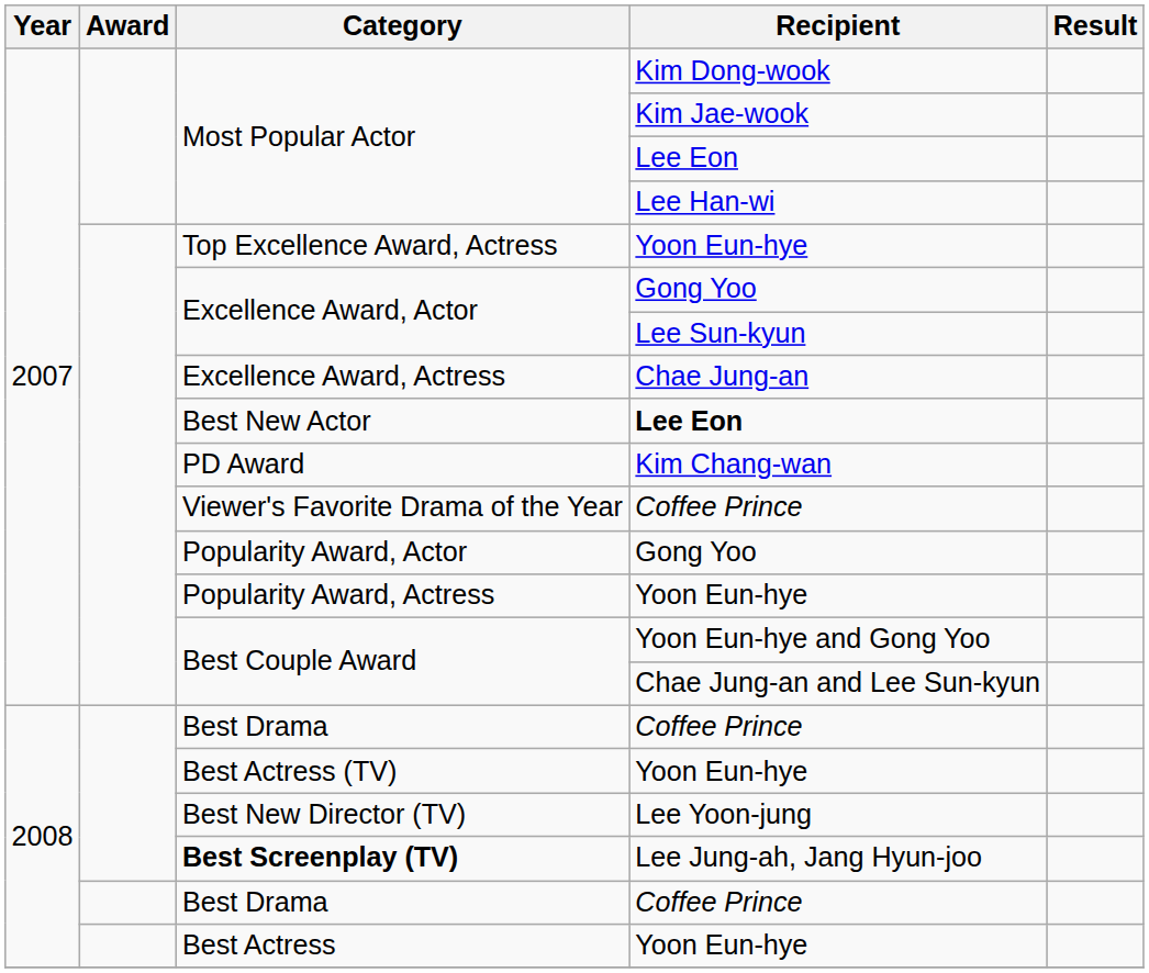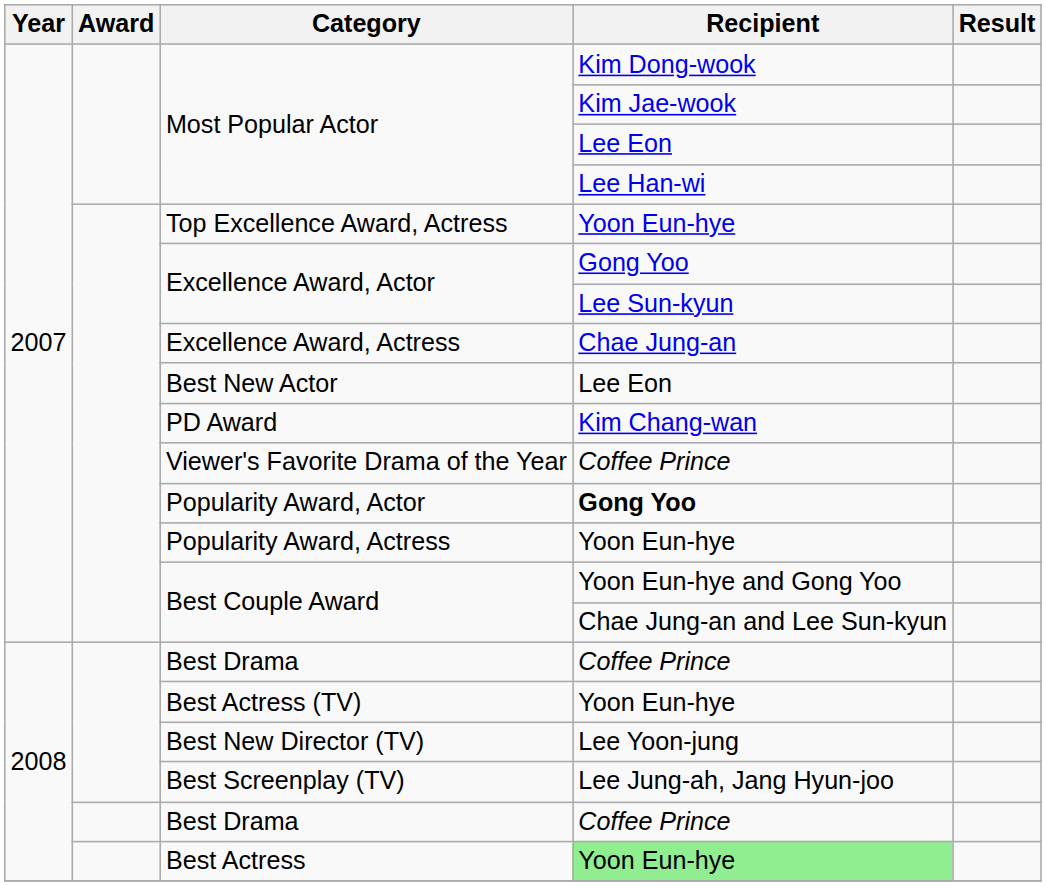 <table class="wikitable">
 <tr>
 <th>Year</th>
 <th>Award</th>
 <th>Category</th>
 <th>Recipient</th>
 <th>Result</th>
 </tr>
 <tr>
 <td rowspan=15>2007</td>
 <td rowspan=4></td>
 <td rowspan=4>Most Popular Actor</td>
 <td><a href='#'>Kim Dong-wook</a></td>
 <td></td>
 </tr>
 <tr>
 <td><a href='#'>Kim Jae-wook</a></td>
 <td></td>
 </tr>
 <tr>
 <td><a href='#'>Lee Eon</a></td>
 <td></td>
 </tr>
 <tr>
 <td><a href='#'>Lee Han-wi</a></td>
 <td></td>
 </tr>
 <tr>
 <td rowspan=11></td>
 <td>Top Excellence Award, Actress</td>
 <td><a href='#'>Yoon Eun-hye</a></td>
 <td></td>
 </tr>
 <tr>
 <td rowspan=2>Excellence Award, Actor</td>
 <td><a href='#'>Gong Yoo</a></td>
 <td></td>
 </tr>
 <tr>
 <td><a href='#'>Lee Sun-kyun</a></td>
 <td></td>
 </tr>
 <tr>
 <td>Excellence Award, Actress</td>
 <td><a href='#'>Chae Jung-an</a></td>
 <td></td>
 </tr>
 <tr>
 <td>Best New Actor</td>
-<td><strong>Lee Eon</strong></td>
+<td>Lee Eon</td>
 <td></td>
 </tr>
 <tr>
 <td>PD Award</td>
 <td><a href='#'>Kim Chang-wan</a></td>
 <td></td>
 </tr>
 <tr>
 <td>Viewer's Favorite Drama of the Year</td>
 <td><em>Coffee Prince</em></td>
 <td></td>
 </tr>
 <tr>
 <td>Popularity Award, Actor</td>
-<td>Gong Yoo</td>
+<td><strong>Gong Yoo</strong></td>
 <td></td>
 </tr>
 <tr>
 <td>Popularity Award, Actress</td>
 <td>Yoon Eun-hye</td>
 <td></td>
 </tr>
 <tr>
 <td rowspan=2>Best Couple Award</td>
 <td>Yoon Eun-hye and Gong Yoo</td>
 <td></td>
 </tr>
 <tr>
 <td>Chae Jung-an and Lee Sun-kyun</td>
 <td></td>
 </tr>
 <tr>
 <td rowspan=6>2008</td>
 <td rowspan=4></td>
 <td>Best Drama</td>
 <td><em>Coffee Prince</em></td>
 <td></td>
 </tr>
 <tr>
 <td>Best Actress (TV)</td>
 <td>Yoon Eun-hye</td>
 <td></td>
 </tr>
 <tr>
 <td>Best New Director (TV)</td>
 <td>Lee Yoon-jung</td>
 <td></td>
 </tr>
 <tr>
-<td><strong>Best Screenplay (TV)</strong></td>
+<td>Best Screenplay (TV)</td>
 <td>Lee Jung-ah, Jang Hyun-joo</td>
 <td></td>
 </tr>
 <tr>
 <td></td>
 <td>Best Drama</td>
 <td><em>Coffee Prince</em></td>
 <td></td>
 </tr>
 <tr>
 <td></td>
 <td>Best Actress</td>
-<td>Yoon Eun-hye</td>
+<td style="background: lightgreen;">Yoon Eun-hye</td>
 <td></td>
 </tr>
 <tr>
 </tr>
 </table>
